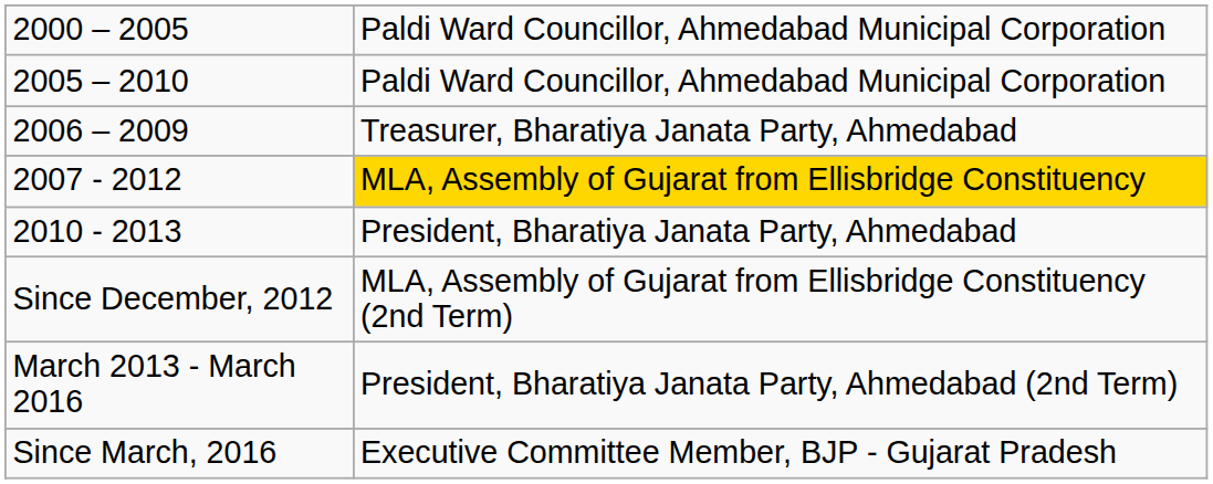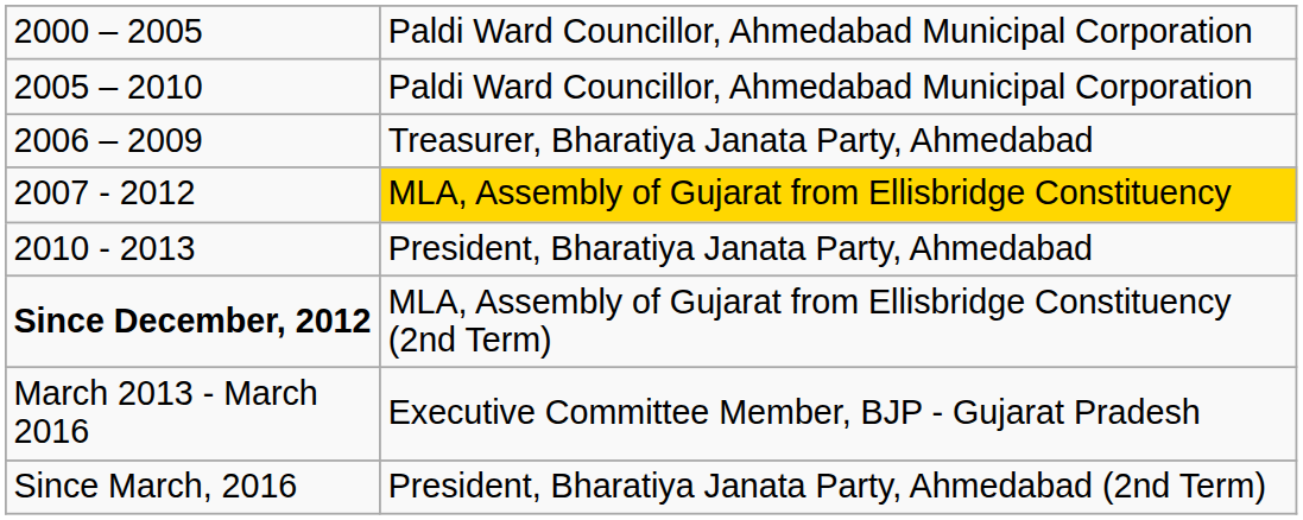 <table class="wikitable">
 <tr>
 <td>2000 – 2005</td>
 <td>Paldi Ward Councillor, Ahmedabad Municipal Corporation</td>
 </tr>
 <tr>
 <td>2005 – 2010</td>
 <td>Paldi Ward Councillor, Ahmedabad Municipal Corporation</td>
 </tr>
 <tr>
 <td>2006 – 2009</td>
 <td>Treasurer, Bharatiya Janata Party, Ahmedabad</td>
 </tr>
 <tr>
 <td>2007 - 2012</td>
 <td style="background: gold;">MLA, Assembly of Gujarat from Ellisbridge Constituency</td>
 </tr>
 <tr>
 <td>2010 - 2013</td>
 <td>President, Bharatiya Janata Party, Ahmedabad</td>
 </tr>
 <tr>
-<td>Since December, 2012</td>
+<td><strong>Since December, 2012</strong></td>
 <td>MLA, Assembly of Gujarat from Ellisbridge Constituency (2nd Term)</td>
 </tr>
 <tr>
 <td>March 2013 - March 2016</td>
-<td>President, Bharatiya Janata Party, Ahmedabad (2nd Term)</td>
+<td>Executive Committee Member, BJP - Gujarat Pradesh</td>
 </tr>
 <tr>
 <td>Since March, 2016</td>
-<td>Executive Committee Member, BJP - Gujarat Pradesh</td>
+<td>President, Bharatiya Janata Party, Ahmedabad (2nd Term)</td>
 </tr>
 </table>
